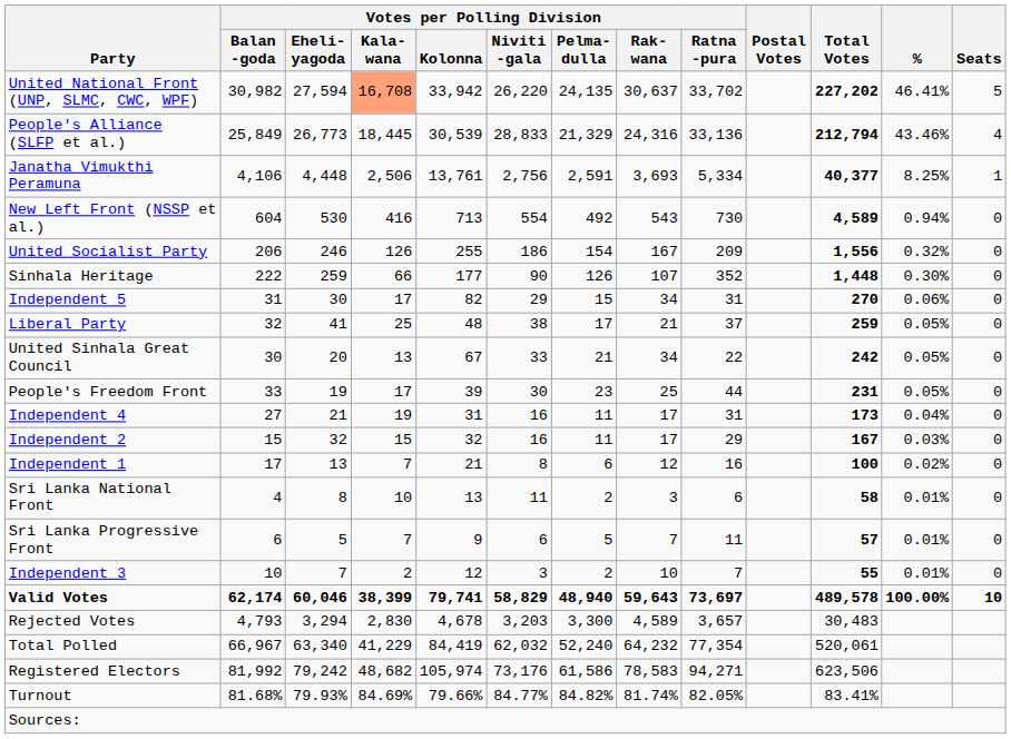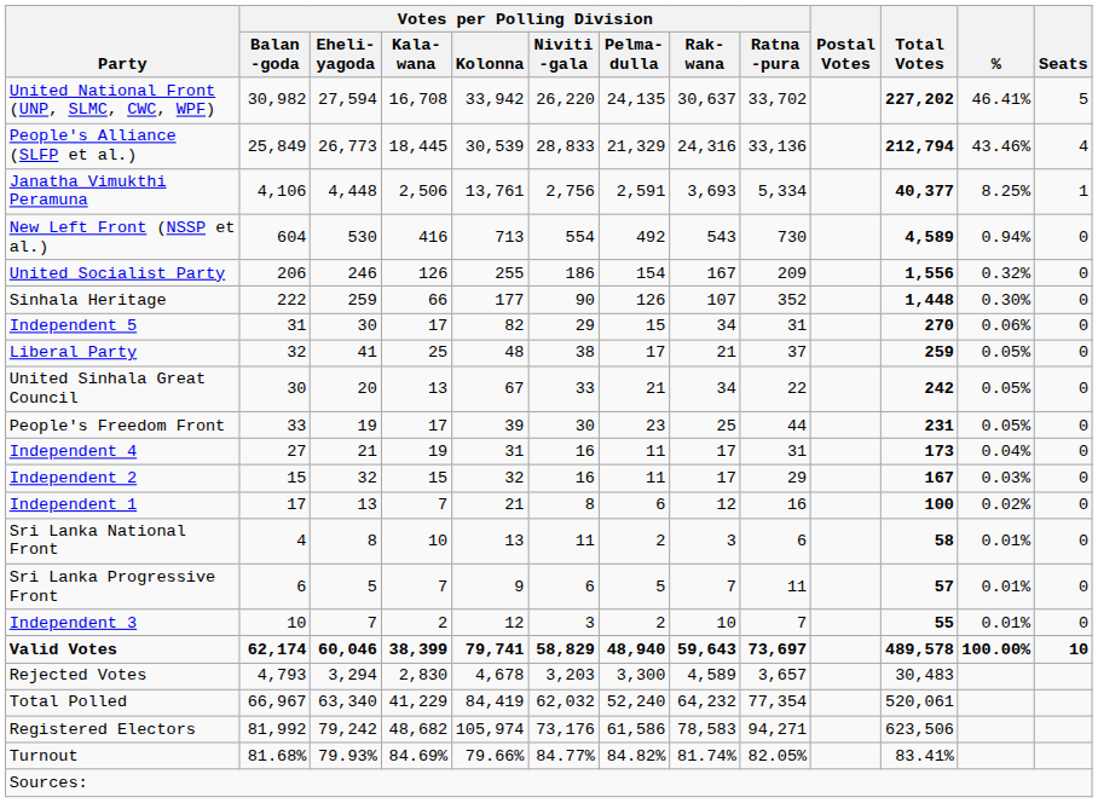 <table class="wikitable" border="1" style="text-align:right;">
 <tr>
 <th align=left valign=bottom rowspan=2 width="180">Party</th>
 <th colspan=8>Votes per Polling Division</th>
 <th align=center valign=bottom rowspan=2 width="50">Postal<br>Votes</th>
 <th align=center valign=bottom rowspan=2 width="50">Total Votes</th>
 <th align=center valign=bottom rowspan=2 width="50">%</th>
 <th align=center valign=bottom rowspan=2 width="40">Seats</th>
 </tr>
 <tr>
 <th align=center valign=bottom width="50">Balan<br>-goda</th>
 <th align=center valign=bottom width="50">Eheli-<br>yagoda</th>
 <th align=center valign=bottom width="50">Kala-<br>wana</th>
 <th align=center valign=bottom width="50">Kolonna</th>
 <th align=center valign=bottom width="50">Niviti<br>-gala</th>
 <th align=center valign=bottom width="50">Pelma-<br>dulla</th>
 <th align=center valign=bottom width="50">Rak-<br>wana</th>
 <th align=center valign=bottom width="50">Ratna<br>-pura</th>
 </tr>
 <tr>
 <td align=left><a href='#'>United National Front</a><br>(<a href='#'>UNP</a>, <a href='#'>SLMC</a>, <a href='#'>CWC</a>, <a href='#'>WPF</a>)</td>
 <td>30,982</td>
 <td>27,594</td>
-<td style="background: lightsalmon;">16,708</td>
+<td>16,708</td>
 <td>33,942</td>
 <td>26,220</td>
 <td>24,135</td>
 <td>30,637</td>
 <td>33,702</td>
 <td></td>
 <td><strong>227,202</strong></td>
 <td>46.41%</td>
 <td>5</td>
 </tr>
 <tr>
 <td align=left><a href='#'>People's Alliance</a><br>(<a href='#'>SLFP</a> et al.)</td>
 <td>25,849</td>
 <td>26,773</td>
 <td>18,445</td>
 <td>30,539</td>
 <td>28,833</td>
 <td>21,329</td>
 <td>24,316</td>
 <td>33,136</td>
 <td></td>
 <td><strong>212,794</strong></td>
 <td>43.46%</td>
 <td>4</td>
 </tr>
 <tr>
 <td align=left><a href='#'>Janatha Vimukthi Peramuna</a></td>
 <td>4,106</td>
 <td>4,448</td>
 <td>2,506</td>
 <td>13,761</td>
 <td>2,756</td>
 <td>2,591</td>
 <td>3,693</td>
 <td>5,334</td>
 <td></td>
 <td><strong>40,377</strong></td>
 <td>8.25%</td>
 <td>1</td>
 </tr>
 <tr>
 <td align=left><a href='#'>New Left Front</a> (<a href='#'>NSSP</a> et al.)</td>
 <td>604</td>
 <td>530</td>
 <td>416</td>
 <td>713</td>
 <td>554</td>
 <td>492</td>
 <td>543</td>
 <td>730</td>
 <td></td>
 <td><strong>4,589</strong></td>
 <td>0.94%</td>
 <td>0</td>
 </tr>
 <tr>
 <td align=left><a href='#'>United Socialist Party</a></td>
 <td>206</td>
 <td>246</td>
 <td>126</td>
 <td>255</td>
 <td>186</td>
 <td>154</td>
 <td>167</td>
 <td>209</td>
 <td></td>
 <td><strong>1,556</strong></td>
 <td>0.32%</td>
 <td>0</td>
 </tr>
 <tr>
 <td align=left>Sinhala Heritage</td>
 <td>222</td>
 <td>259</td>
 <td>66</td>
 <td>177</td>
 <td>90</td>
 <td>126</td>
 <td>107</td>
 <td>352</td>
 <td></td>
 <td><strong>1,448</strong></td>
 <td>0.30%</td>
 <td>0</td>
 </tr>
 <tr>
 <td align=left><a href='#'>Independent 5</a></td>
 <td>31</td>
 <td>30</td>
 <td>17</td>
 <td>82</td>
 <td>29</td>
 <td>15</td>
 <td>34</td>
 <td>31</td>
 <td></td>
 <td><strong>270</strong></td>
 <td>0.06%</td>
 <td>0</td>
 </tr>
 <tr>
 <td align=left><a href='#'>Liberal Party</a></td>
 <td>32</td>
 <td>41</td>
 <td>25</td>
 <td>48</td>
 <td>38</td>
 <td>17</td>
 <td>21</td>
 <td>37</td>
 <td></td>
 <td><strong>259</strong></td>
 <td>0.05%</td>
 <td>0</td>
 </tr>
 <tr>
 <td align=left>United Sinhala Great Council</td>
 <td>30</td>
 <td>20</td>
 <td>13</td>
 <td>67</td>
 <td>33</td>
 <td>21</td>
 <td>34</td>
 <td>22</td>
 <td></td>
 <td><strong>242</strong></td>
 <td>0.05%</td>
 <td>0</td>
 </tr>
 <tr>
 <td align=left>People's Freedom Front</td>
 <td>33</td>
 <td>19</td>
 <td>17</td>
 <td>39</td>
 <td>30</td>
 <td>23</td>
 <td>25</td>
 <td>44</td>
 <td></td>
 <td><strong>231</strong></td>
 <td>0.05%</td>
 <td>0</td>
 </tr>
 <tr>
 <td align=left><a href='#'>Independent 4</a></td>
 <td>27</td>
 <td>21</td>
 <td>19</td>
 <td>31</td>
 <td>16</td>
 <td>11</td>
 <td>17</td>
 <td>31</td>
 <td></td>
 <td><strong>173</strong></td>
 <td>0.04%</td>
 <td>0</td>
 </tr>
 <tr>
 <td align=left><a href='#'>Independent 2</a></td>
 <td>15</td>
 <td>32</td>
 <td>15</td>
 <td>32</td>
 <td>16</td>
 <td>11</td>
 <td>17</td>
 <td>29</td>
 <td></td>
 <td><strong>167</strong></td>
 <td>0.03%</td>
 <td>0</td>
 </tr>
 <tr>
 <td align=left><a href='#'>Independent 1</a></td>
 <td>17</td>
 <td>13</td>
 <td>7</td>
 <td>21</td>
 <td>8</td>
 <td>6</td>
 <td>12</td>
 <td>16</td>
 <td></td>
 <td><strong>100</strong></td>
 <td>0.02%</td>
 <td>0</td>
 </tr>
 <tr>
 <td align=left>Sri Lanka National Front</td>
 <td>4</td>
 <td>8</td>
 <td>10</td>
 <td>13</td>
 <td>11</td>
 <td>2</td>
 <td>3</td>
 <td>6</td>
 <td></td>
 <td><strong>58</strong></td>
 <td>0.01%</td>
 <td>0</td>
 </tr>
 <tr>
 <td align=left>Sri Lanka Progressive Front</td>
 <td>6</td>
 <td>5</td>
 <td>7</td>
 <td>9</td>
 <td>6</td>
 <td>5</td>
 <td>7</td>
 <td>11</td>
 <td></td>
 <td><strong>57</strong></td>
 <td>0.01%</td>
 <td>0</td>
 </tr>
 <tr>
 <td align=left><a href='#'>Independent 3</a></td>
 <td>10</td>
 <td>7</td>
 <td>2</td>
 <td>12</td>
 <td>3</td>
 <td>2</td>
 <td>10</td>
 <td>7</td>
 <td></td>
 <td><strong>55</strong></td>
 <td>0.01%</td>
 <td>0</td>
 </tr>
 <tr>
 <td align=left><strong>Valid Votes</strong></td>
 <td><strong>62,174</strong></td>
 <td><strong>60,046</strong></td>
 <td><strong>38,399</strong></td>
 <td><strong>79,741</strong></td>
 <td><strong>58,829</strong></td>
 <td><strong>48,940</strong></td>
 <td><strong>59,643</strong></td>
 <td><strong>73,697</strong></td>
 <td></td>
 <td><strong>489,578</strong></td>
 <td><strong>100.00%</strong></td>
 <td><strong>10</strong></td>
 </tr>
 <tr>
 <td align=left>Rejected Votes</td>
 <td>4,793</td>
 <td>3,294</td>
 <td>2,830</td>
 <td>4,678</td>
 <td>3,203</td>
 <td>3,300</td>
 <td>4,589</td>
 <td>3,657</td>
 <td></td>
 <td>30,483</td>
 <td></td>
 <td></td>
 </tr>
 <tr>
 <td align=left>Total Polled</td>
 <td>66,967</td>
 <td>63,340</td>
 <td>41,229</td>
 <td>84,419</td>
 <td>62,032</td>
 <td>52,240</td>
 <td>64,232</td>
 <td>77,354</td>
 <td></td>
 <td>520,061</td>
 <td></td>
 <td></td>
 </tr>
 <tr>
 <td align=left>Registered Electors</td>
 <td>81,992</td>
 <td>79,242</td>
 <td>48,682</td>
 <td>105,974</td>
 <td>73,176</td>
 <td>61,586</td>
 <td>78,583</td>
 <td>94,271</td>
 <td></td>
 <td>623,506</td>
 <td></td>
 <td></td>
 </tr>
 <tr>
 <td align=left>Turnout</td>
 <td>81.68%</td>
 <td>79.93%</td>
 <td>84.69%</td>
 <td>79.66%</td>
 <td>84.77%</td>
 <td>84.82%</td>
 <td>81.74%</td>
 <td>82.05%</td>
 <td></td>
 <td>83.41%</td>
 <td></td>
 <td></td>
 </tr>
 <tr>
 <td align=left colspan=14>Sources:</td>
 </tr>
 </table>
